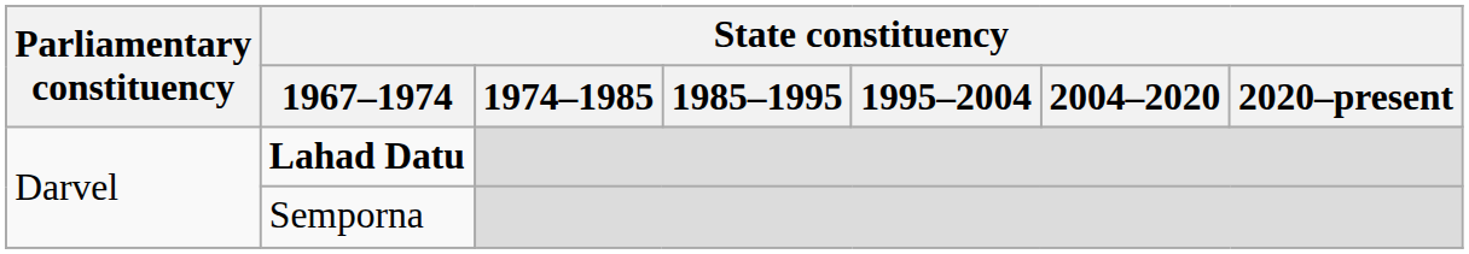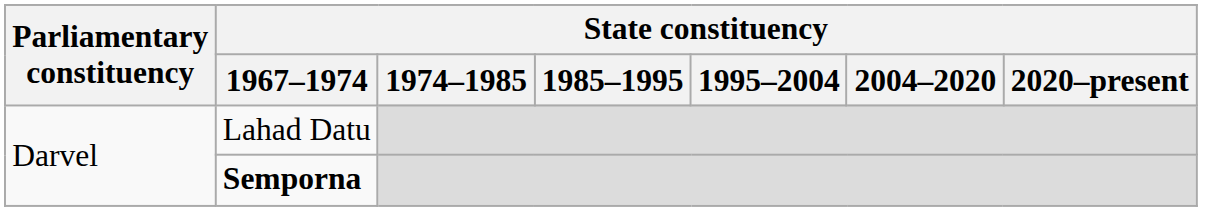 <table class=wikitable>
 <tr>
 <th rowspan=2>Parliamentary<br>constituency</th>
 <th colspan=6>State constituency</th>
 </tr>
 <tr>
 <th>1967–1974</th>
 <th>1974–1985</th>
 <th>1985–1995</th>
 <th>1995–2004</th>
 <th>2004–2020</th>
 <th>2020–present</th>
 </tr>
 <tr>
 <td rowspan=2>Darvel</td>
-<td><strong>Lahad Datu</strong></td>
+<td>Lahad Datu</td>
 <td colspan=5 bgcolor=dcdcdc></td>
 </tr>
 <tr>
-<td>Semporna</td>
+<td><strong>Semporna</strong></td>
 <td colspan=5 bgcolor=dcdcdc></td>
 </tr>
 </table>
